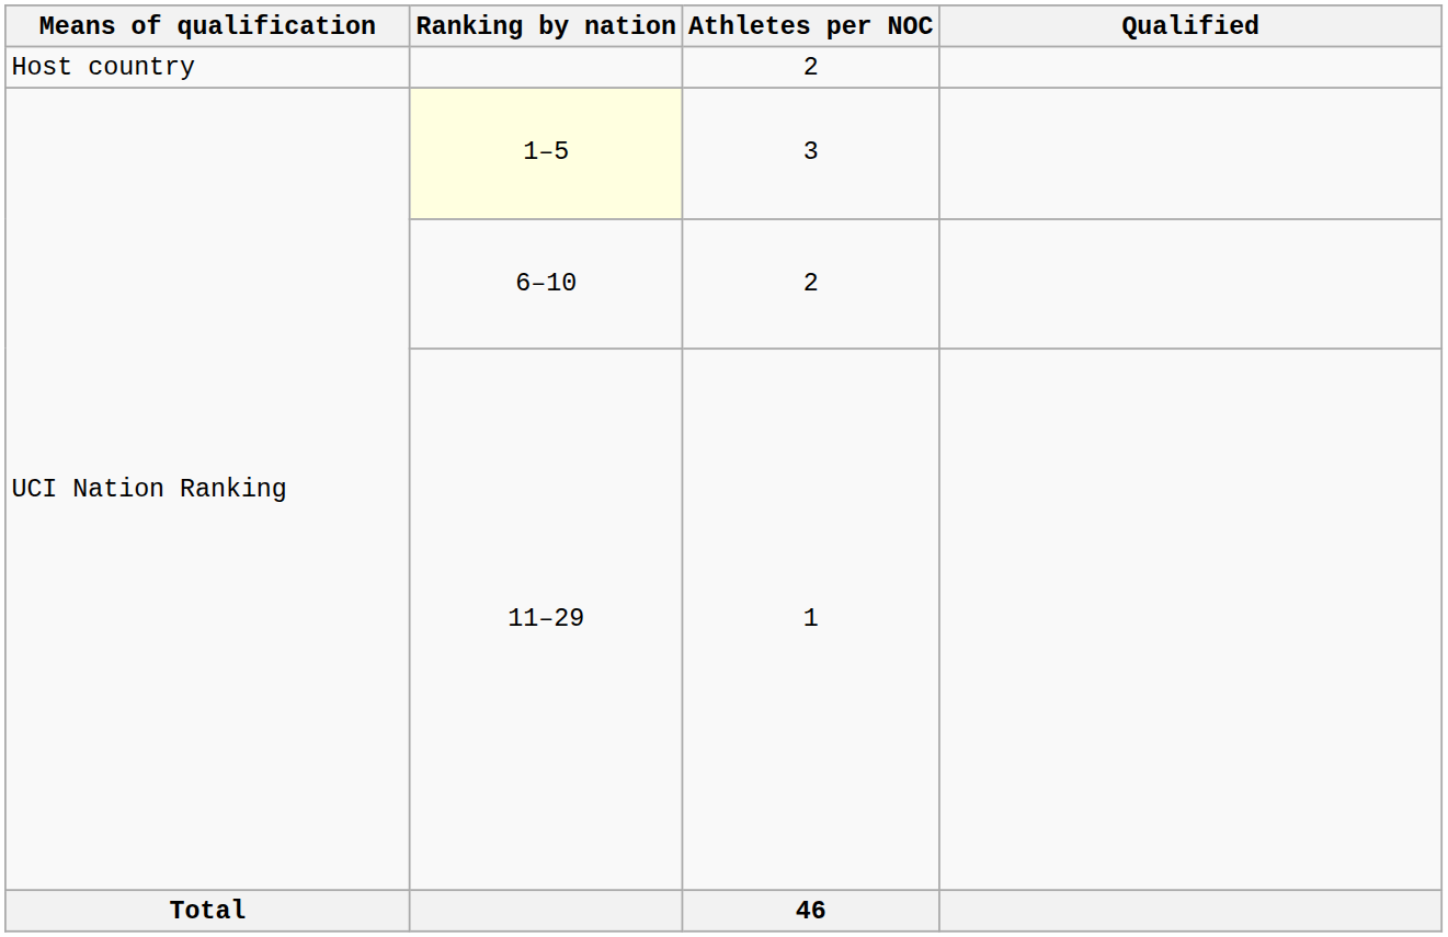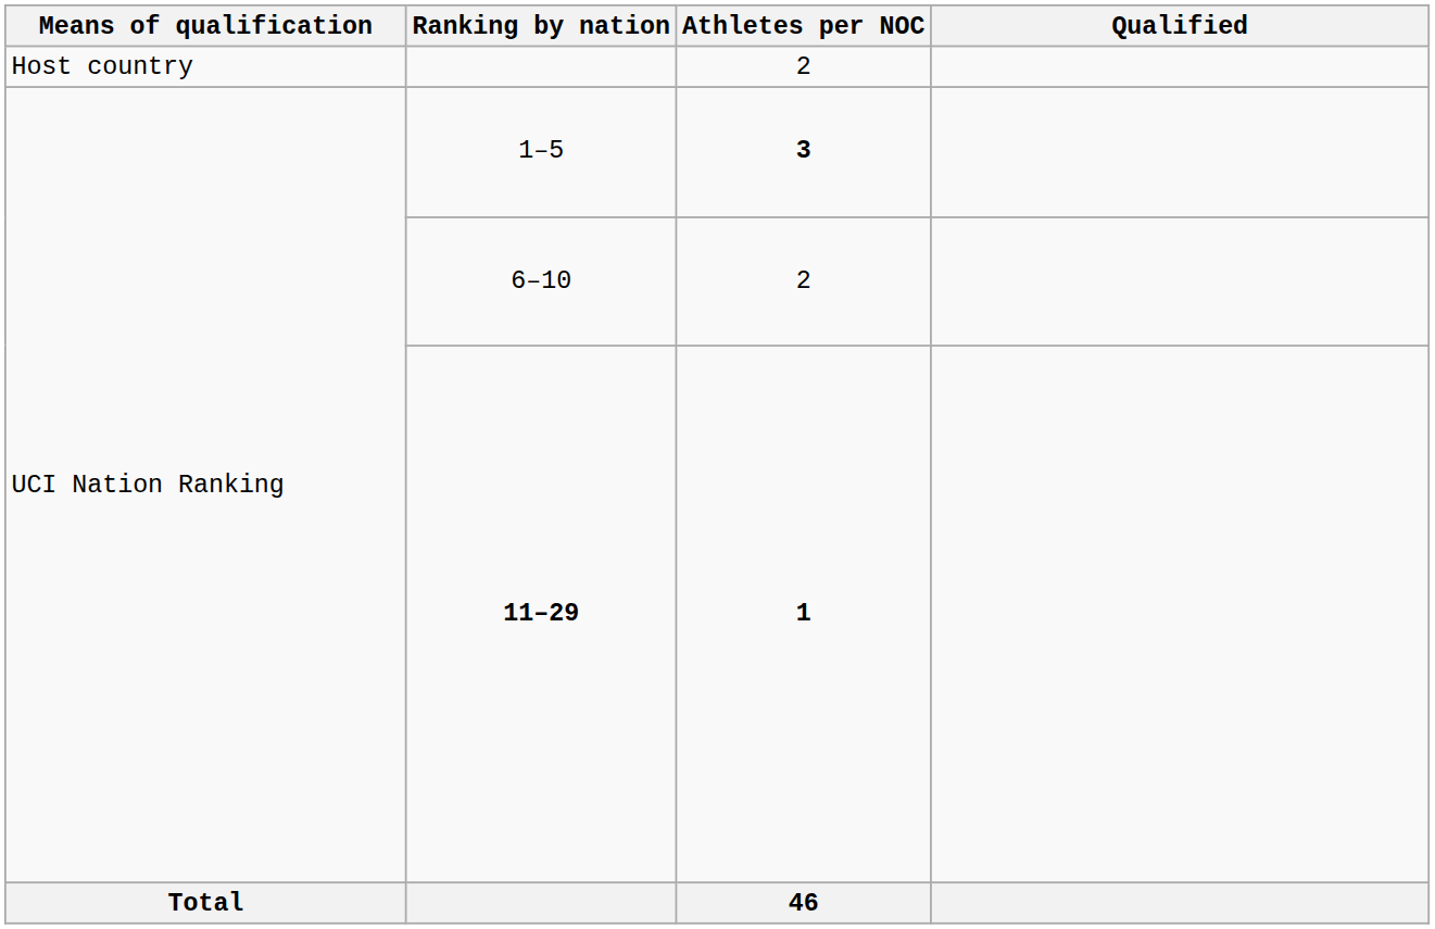 <table class="wikitable"  style="text-align:center;">
 <tr>
 <th width="200">Means of qualification</th>
 <th>Ranking by nation</th>
 <th>Athletes per NOC</th>
 <th width="250">Qualified</th>
 </tr>
 <tr>
 <td style="text-align:left;">Host country</td>
 <td></td>
 <td>2</td>
 <td align="left"></td>
 </tr>
 <tr>
 <td style="text-align:left;" rowspan="3">UCI Nation Ranking</td>
-<td style="background: lightyellow;">1–5</td>
-<td>3</td>
+<td>1–5</td>
+<td><strong>3</strong></td>
 <td align="left"><br><br><br><br></td>
 </tr>
 <tr>
 <td>6–10</td>
 <td>2</td>
 <td align="left"><br><br><br><br></td>
 </tr>
 <tr>
-<td>11–29</td>
-<td>1</td>
+<td><strong>11–29</strong></td>
+<td><strong>1</strong></td>
 <td align="left"><br><br><br><br><br><br><br><br><br><br><br><br><br><br><br><br><br><br></td>
 </tr>
 <tr>
 <th>Total</th>
 <th></th>
 <th>46</th>
 <th></th>
 </tr>
 </table>
